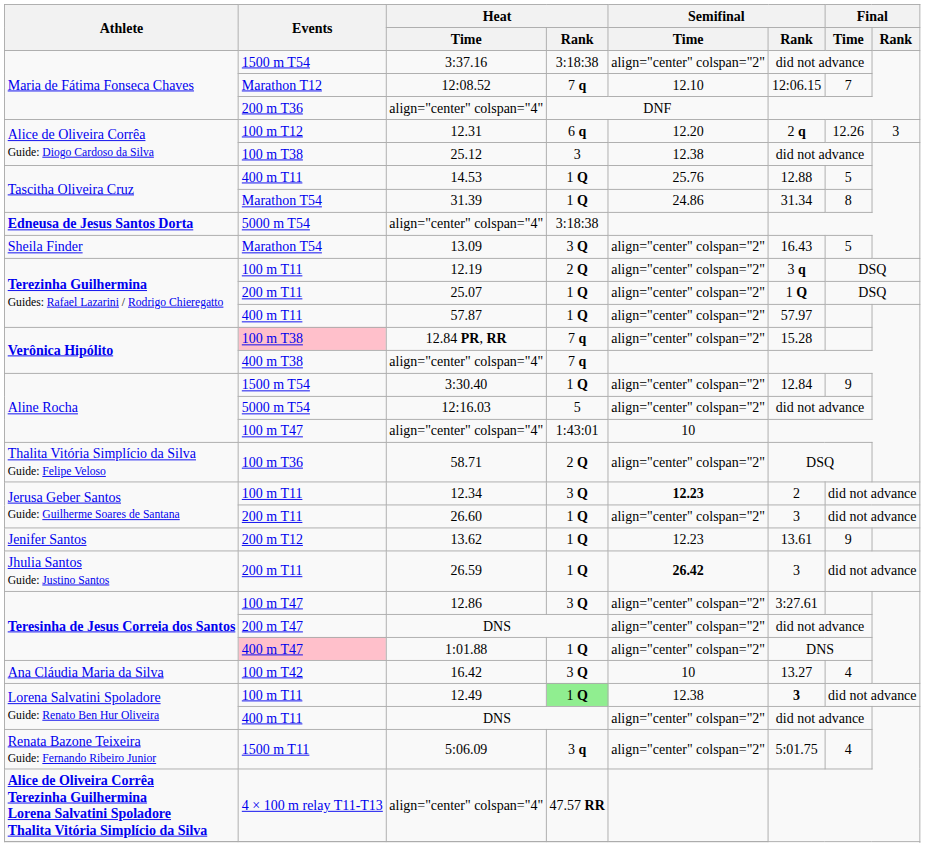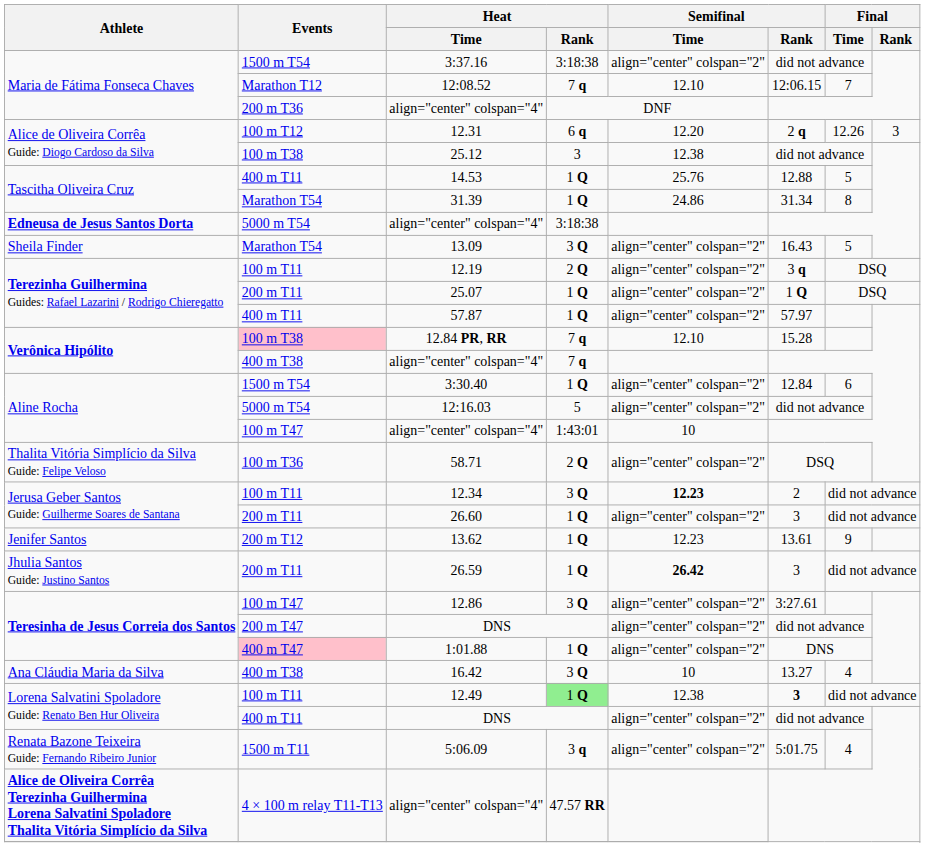 <table class=wikitable style="font-size:95%">
 <tr>
 <th rowspan="2">Athlete</th>
 <th rowspan="2">Events</th>
 <th colspan="2">Heat</th>
 <th colspan="2">Semifinal</th>
 <th colspan="2">Final</th>
 </tr>
 <tr>
 <th>Time</th>
 <th>Rank</th>
 <th>Time</th>
 <th>Rank</th>
 <th>Time</th>
 <th>Rank</th>
 </tr>
 <tr>
 <td rowspan=3><a href='#'>Maria de Fátima Fonseca Chaves</a></td>
 <td><a href='#'>1500 m T54</a></td>
 <td align="center">3:37.16</td>
 <td align="center">3:18:38</td>
 <td>align="center" colspan="2" </td>
 <td align="center" colspan=2>did not advance</td>
 </tr>
 <tr>
 <td><a href='#'>Marathon T12</a></td>
 <td align="center">12:08.52</td>
 <td align="center">7 <strong>q</strong></td>
 <td align="center">12.10</td>
 <td align="center">12:06.15</td>
 <td align="center">7</td>
 </tr>
 <tr>
 <td><a href='#'>200 m T36</a></td>
 <td>align="center" colspan="4" </td>
 <td colspan=2 align="center">DNF</td>
 </tr>
 <tr>
 <td rowspan=2><a href='#'>Alice de Oliveira Corrêa</a><br><small>Guide: <a href='#'>Diogo Cardoso da Silva</a></small></td>
 <td><a href='#'>100 m T12</a></td>
 <td align="center">12.31</td>
 <td align="center">6 <strong>q</strong></td>
 <td align="center">12.20</td>
 <td align="center">2 <strong>q</strong></td>
 <td align="center">12.26</td>
 <td align="center">3</td>
 </tr>
 <tr>
 <td><a href='#'>100 m T38</a></td>
 <td align="center">25.12</td>
 <td align="center">3</td>
 <td align="center">12.38</td>
 <td align="center" colspan=2>did not advance</td>
 </tr>
 <tr>
 <td rowspan=2><a href='#'>Tascitha Oliveira Cruz</a></td>
 <td><a href='#'>400 m T11</a></td>
 <td align="center">14.53</td>
 <td align="center">1 <strong>Q</strong></td>
 <td align="center">25.76</td>
 <td align="center">12.88</td>
 <td align="center">5</td>
 </tr>
 <tr>
 <td><a href='#'>Marathon T54</a></td>
 <td align="center">31.39</td>
 <td align="center">1 <strong>Q</strong></td>
 <td align="center">24.86</td>
 <td align="center">31.34</td>
 <td align="center">8</td>
 </tr>
 <tr>
 <td><strong><a href='#'>Edneusa de Jesus Santos Dorta</a></strong></td>
 <td><a href='#'>5000 m T54</a></td>
 <td>align="center" colspan="4" </td>
 <td align="center">3:18:38</td>
 <td align="center"></td>
 </tr>
 <tr>
 <td><a href='#'>Sheila Finder</a></td>
 <td><a href='#'>Marathon T54</a></td>
 <td align="center">13.09</td>
 <td align="center">3 <strong>Q</strong></td>
 <td>align="center" colspan="2" </td>
 <td align="center">16.43</td>
 <td align="center">5</td>
 </tr>
 <tr>
 <td rowspan=3><strong><a href='#'>Terezinha Guilhermina</a></strong><br><small>Guides: <a href='#'>Rafael Lazarini</a> / <a href='#'>Rodrigo Chieregatto</a></small></td>
 <td><a href='#'>100 m T11</a></td>
 <td align="center">12.19</td>
 <td align="center">2 <strong>Q</strong></td>
 <td>align="center" colspan="2" </td>
 <td align="center">3 <strong>q</strong></td>
 <td align="center" colspan=2>DSQ</td>
 </tr>
 <tr>
 <td><a href='#'>200 m T11</a></td>
 <td align="center">25.07</td>
 <td align="center">1 <strong>Q</strong></td>
 <td>align="center" colspan="2" </td>
 <td align="center">1 <strong>Q</strong></td>
 <td align="center" colspan=2>DSQ</td>
 </tr>
 <tr>
 <td><a href='#'>400 m T11</a></td>
 <td align="center">57.87</td>
 <td align="center">1 <strong>Q</strong></td>
 <td>align="center" colspan="2" </td>
 <td align="center">57.97</td>
 <td align="center"></td>
 </tr>
 <tr>
 <td rowspan=2><strong><a href='#'>Verônica Hipólito</a></strong></td>
 <td style="background: pink;"><a href='#'>100 m T38</a></td>
 <td align="center">12.84 <strong>PR</strong>, <strong>RR</strong></td>
 <td align="center">7 <strong>q</strong></td>
-<td>align="center" colspan="2" </td>
+<td align="center">12.10</td>
 <td align="center">15.28</td>
 <td align="center"></td>
 </tr>
 <tr>
 <td><a href='#'>400 m T38</a></td>
 <td>align="center" colspan="4" </td>
 <td align="center">7 <strong>q</strong></td>
 <td align="center"></td>
 </tr>
 <tr>
 <td rowspan=3><a href='#'>Aline Rocha</a></td>
 <td><a href='#'>1500 m T54</a></td>
 <td align="center">3:30.40</td>
 <td align="center">1 <strong>Q</strong></td>
 <td>align="center" colspan="2" </td>
 <td align="center">12.84</td>
-<td align="center">9</td>
+<td align="center">6</td>
 </tr>
 <tr>
 <td><a href='#'>5000 m T54</a></td>
 <td align="center">12:16.03</td>
 <td align="center">5</td>
 <td>align="center" colspan="2" </td>
 <td align="center" colspan=2>did not advance</td>
 </tr>
 <tr>
 <td><a href='#'>100 m T47</a></td>
 <td>align="center" colspan="4" </td>
 <td align="center">1:43:01</td>
 <td align="center">10</td>
 </tr>
 <tr>
 <td><a href='#'>Thalita Vitória Simplício da Silva</a><br><small>Guide: <a href='#'>Felipe Veloso</a></small></td>
 <td><a href='#'>100 m T36</a></td>
 <td align="center">58.71</td>
 <td align="center">2 <strong>Q</strong></td>
 <td>align="center" colspan="2" </td>
 <td align="center" colspan=2>DSQ</td>
 </tr>
 <tr>
 <td rowspan=2><a href='#'>Jerusa Geber Santos</a><br><small>Guide: <a href='#'>Guilherme Soares de Santana</a></small></td>
 <td><a href='#'>100 m T11</a></td>
 <td align="center">12.34</td>
 <td align="center">3 <strong>Q</strong></td>
 <td align="center"><strong>12.23</strong></td>
 <td align="center">2</td>
 <td align="center" colspan=2>did not advance</td>
 </tr>
 <tr>
 <td><a href='#'>200 m T11</a></td>
 <td align="center">26.60</td>
 <td align="center">1 <strong>Q</strong></td>
 <td>align="center" colspan="2" </td>
 <td align="center">3</td>
 <td align="center" colspan=2>did not advance</td>
 </tr>
 <tr>
 <td><a href='#'>Jenifer Santos</a></td>
 <td><a href='#'>200 m T12</a></td>
 <td align="center">13.62</td>
 <td align="center">1 <strong>Q</strong></td>
 <td align="center">12.23</td>
 <td align="center">13.61</td>
 <td align="center">9</td>
 </tr>
 <tr>
 <td><a href='#'>Jhulia Santos</a><br><small>Guide: <a href='#'>Justino Santos</a></small></td>
 <td><a href='#'>200 m T11</a></td>
 <td align="center">26.59</td>
 <td align="center">1 <strong>Q</strong></td>
 <td align="center"><strong>26.42</strong></td>
 <td align="center">3</td>
 <td align="center" colspan=2>did not advance</td>
 </tr>
 <tr>
 <td rowspan=3><strong><a href='#'>Teresinha de Jesus Correia dos Santos</a></strong></td>
 <td><a href='#'>100 m T47</a></td>
 <td align="center">12.86</td>
 <td align="center">3 <strong>Q</strong></td>
 <td>align="center" colspan="2" </td>
 <td align="center">3:27.61</td>
 <td align="center"></td>
 </tr>
 <tr>
 <td><a href='#'>200 m T47</a></td>
 <td align="center" colspan=2>DNS</td>
 <td>align="center" colspan="2" </td>
 <td align="center" colspan=2>did not advance</td>
 </tr>
 <tr>
 <td style="background: pink;"><a href='#'>400 m T47</a></td>
 <td align="center">1:01.88</td>
 <td align="center">1 <strong>Q</strong></td>
 <td>align="center" colspan="2" </td>
 <td align="center" colspan=2>DNS</td>
 </tr>
 <tr>
 <td><a href='#'>Ana Cláudia Maria da Silva</a></td>
-<td><a href='#'>100 m T42</a></td>
+<td><a href='#'>400 m T38</a></td>
 <td align="center">16.42</td>
 <td align="center">3 <strong>Q</strong></td>
 <td align="center">10</td>
 <td align="center">13.27</td>
 <td align="center">4</td>
 </tr>
 <tr>
 <td rowspan=2><a href='#'>Lorena Salvatini Spoladore</a><br><small>Guide: <a href='#'>Renato Ben Hur Oliveira</a></small></td>
 <td><a href='#'>100 m T11</a></td>
 <td align="center">12.49</td>
 <td align="center" style="background: lightgreen;">1 <strong>Q</strong></td>
 <td align="center">12.38</td>
 <td align="center"><strong>3</strong></td>
 <td align="center" colspan=2>did not advance</td>
 </tr>
 <tr>
 <td><a href='#'>400 m T11</a></td>
 <td colspan=2 align="center">DNS</td>
 <td>align="center" colspan="2" </td>
 <td align="center" colspan=2>did not advance</td>
 </tr>
 <tr>
 <td><a href='#'>Renata Bazone Teixeira</a><br><small>Guide: <a href='#'>Fernando Ribeiro Junior</a></small></td>
 <td><a href='#'>1500 m T11</a></td>
 <td align="center">5:06.09</td>
 <td align="center">3 <strong>q</strong></td>
 <td>align="center" colspan="2" </td>
 <td align="center">5:01.75</td>
 <td align="center">4</td>
 </tr>
 <tr>
 <td><strong><a href='#'>Alice de Oliveira Corrêa</a><br><a href='#'>Terezinha Guilhermina</a><br><a href='#'>Lorena Salvatini Spoladore</a><br><a href='#'>Thalita Vitória Simplício da Silva</a></strong></td>
 <td><a href='#'>4 × 100 m relay T11-T13</a></td>
 <td>align="center" colspan="4" </td>
 <td align="center">47.57 <strong>RR</strong></td>
 <td align="center"></td>
 </tr>
 <tr>
 </tr>
 </table>
